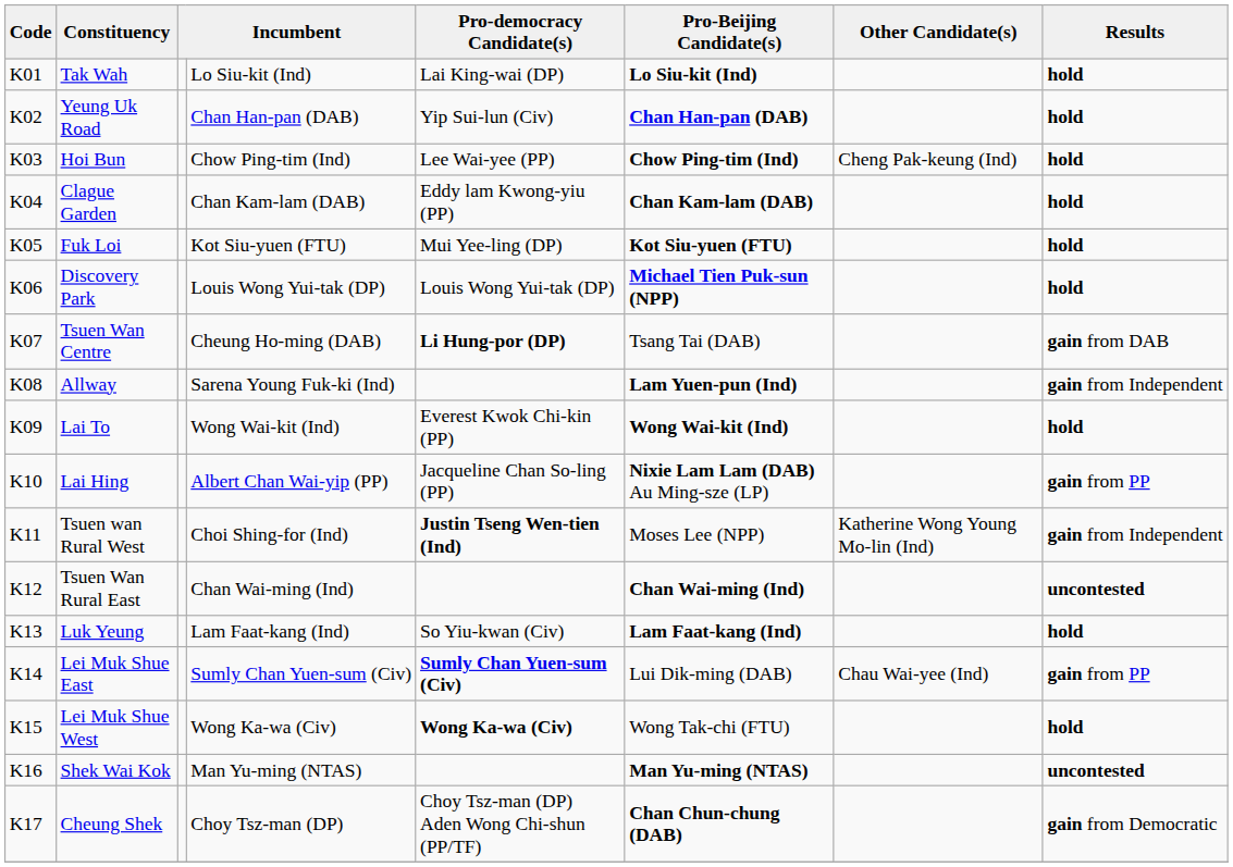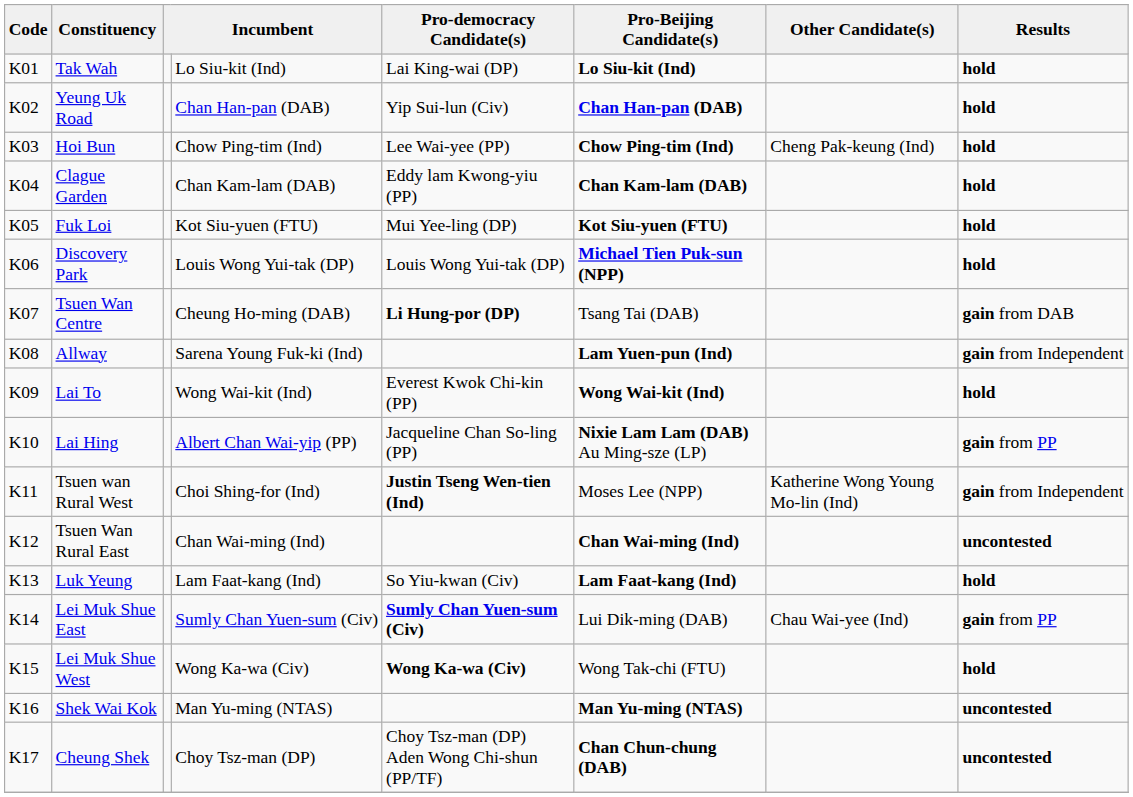 <table class="wikitable" style="font-size: 95%;">
 <tr>
 <th align="center" style="background:#f0f0f0;" width="20px">Code</th>
 <th align="center" style="background:#f0f0f0;" width="90px">Constituency</th>
 <th align="center" style="background:#f0f0f0;" width="120px" colspan=2>Incumbent</th>
 <th align="center" style="background:#f0f0f0;" width="160px">Pro-democracy Candidate(s)</th>
 <th align="center" style="background:#f0f0f0;" width="160px">Pro-Beijing Candidate(s)</th>
 <th align="center" style="background:#f0f0f0;" width="160px">Other Candidate(s)</th>
 <th align="center" style="background:#f0f0f0;" width="100px" colspan="2">Results</th>
 </tr>
 <tr>
 <td>K01</td>
 <td><a href='#'>Tak Wah</a></td>
 <td></td>
 <td>Lo Siu-kit (Ind)</td>
 <td>Lai King-wai (DP)</td>
 <td><strong>Lo Siu-kit (Ind)</strong></td>
 <td></td>
 <td> <strong>hold</strong></td>
 </tr>
 <tr>
 <td>K02</td>
 <td><a href='#'>Yeung Uk Road</a></td>
 <td></td>
 <td><a href='#'>Chan Han-pan</a> (DAB)</td>
 <td>Yip Sui-lun (Civ)</td>
 <td><strong><a href='#'>Chan Han-pan</a> (DAB)</strong></td>
 <td></td>
 <td> <strong>hold</strong></td>
 </tr>
 <tr>
 <td>K03</td>
 <td><a href='#'>Hoi Bun</a></td>
 <td></td>
 <td>Chow Ping-tim (Ind)</td>
 <td>Lee Wai-yee (PP)</td>
 <td><strong>Chow Ping-tim (Ind)</strong></td>
 <td>Cheng Pak-keung (Ind)</td>
 <td> <strong>hold</strong></td>
 </tr>
 <tr>
 <td>K04</td>
 <td><a href='#'>Clague Garden</a></td>
 <td></td>
 <td>Chan Kam-lam (DAB)</td>
 <td>Eddy lam Kwong-yiu (PP)</td>
 <td><strong>Chan Kam-lam (DAB)</strong></td>
 <td></td>
 <td> <strong>hold</strong></td>
 </tr>
 <tr>
 <td>K05</td>
 <td><a href='#'>Fuk Loi</a></td>
 <td></td>
 <td>Kot Siu-yuen (FTU)</td>
 <td>Mui Yee-ling (DP)</td>
 <td><strong>Kot Siu-yuen (FTU)</strong></td>
 <td></td>
 <td> <strong>hold</strong></td>
 </tr>
 <tr>
 <td>K06</td>
 <td><a href='#'>Discovery Park</a></td>
 <td></td>
 <td>Louis Wong Yui-tak (DP)</td>
 <td>Louis Wong Yui-tak (DP)</td>
 <td><strong><a href='#'>Michael Tien Puk-sun</a> (NPP)</strong></td>
 <td></td>
 <td> <strong>hold</strong></td>
 </tr>
 <tr>
 <td>K07</td>
 <td><a href='#'>Tsuen Wan Centre</a></td>
 <td></td>
 <td>Cheung Ho-ming (DAB)</td>
 <td><strong>Li Hung-por (DP)</strong></td>
 <td>Tsang Tai (DAB)</td>
 <td></td>
 <td> <strong>gain</strong> from DAB</td>
 </tr>
 <tr>
 <td>K08</td>
 <td><a href='#'>Allway</a></td>
 <td></td>
 <td>Sarena Young Fuk-ki (Ind)</td>
 <td></td>
 <td><strong>Lam Yuen-pun (Ind)</strong></td>
 <td></td>
 <td> <strong>gain</strong> from Independent</td>
 </tr>
 <tr>
 <td>K09</td>
 <td><a href='#'>Lai To</a></td>
 <td></td>
 <td>Wong Wai-kit (Ind)</td>
 <td>Everest Kwok Chi-kin (PP)</td>
 <td><strong>Wong Wai-kit (Ind)</strong> </td>
 <td></td>
 <td> <strong>hold</strong></td>
 </tr>
 <tr>
 <td>K10</td>
 <td><a href='#'>Lai Hing</a></td>
 <td></td>
 <td><a href='#'>Albert Chan Wai-yip</a> (PP)</td>
 <td>Jacqueline Chan So-ling (PP)</td>
 <td><strong>Nixie Lam Lam (DAB)</strong><br>Au Ming-sze (LP)</td>
 <td></td>
 <td> <strong>gain</strong> from <a href='#'>PP</a></td>
 </tr>
 <tr>
 <td>K11</td>
 <td>Tsuen wan Rural West</td>
 <td></td>
 <td>Choi Shing-for (Ind)</td>
 <td><strong>Justin Tseng Wen-tien (Ind)</strong></td>
 <td>Moses Lee (NPP)</td>
 <td>Katherine Wong Young Mo-lin (Ind)</td>
 <td> <strong>gain</strong> from Independent</td>
 </tr>
 <tr>
 <td>K12</td>
 <td>Tsuen Wan Rural East</td>
 <td></td>
 <td>Chan Wai-ming (Ind)</td>
 <td></td>
 <td><strong>Chan Wai-ming (Ind)</strong></td>
 <td></td>
 <td> <strong>uncontested</strong></td>
 </tr>
 <tr>
 <td>K13</td>
 <td><a href='#'>Luk Yeung</a></td>
 <td></td>
 <td>Lam Faat-kang (Ind)</td>
 <td>So Yiu-kwan (Civ)</td>
 <td><strong>Lam Faat-kang (Ind)</strong> </td>
 <td></td>
 <td> <strong>hold</strong></td>
 </tr>
 <tr>
 <td>K14</td>
 <td><a href='#'>Lei Muk Shue East</a></td>
 <td></td>
 <td><a href='#'>Sumly Chan Yuen-sum</a> (Civ)</td>
 <td><strong><a href='#'>Sumly Chan Yuen-sum</a> (Civ)</strong></td>
 <td>Lui Dik-ming (DAB)</td>
 <td>Chau Wai-yee (Ind)</td>
 <td> <strong>gain</strong> from <a href='#'>PP</a></td>
 </tr>
 <tr>
 <td>K15</td>
 <td><a href='#'>Lei Muk Shue West</a></td>
 <td></td>
 <td>Wong Ka-wa (Civ)</td>
 <td><strong>Wong Ka-wa (Civ)</strong></td>
 <td>Wong Tak-chi (FTU)</td>
 <td></td>
 <td> <strong>hold</strong></td>
 </tr>
 <tr>
 <td>K16</td>
 <td><a href='#'>Shek Wai Kok</a></td>
 <td></td>
 <td>Man Yu-ming (NTAS)</td>
 <td></td>
 <td><strong>Man Yu-ming (NTAS)</strong></td>
 <td></td>
 <td> <strong>uncontested</strong></td>
 </tr>
 <tr>
 <td>K17</td>
 <td><a href='#'>Cheung Shek</a></td>
 <td></td>
 <td>Choy Tsz-man (DP)</td>
 <td>Choy Tsz-man (DP)<br>Aden Wong Chi-shun (PP/TF)</td>
 <td><strong> Chan Chun-chung (DAB)</strong></td>
 <td></td>
-<td> <strong>gain</strong> from Democratic</td>
+<td> <strong>uncontested</strong></td>
 </tr>
 <tr>
 </tr>
 </table>
